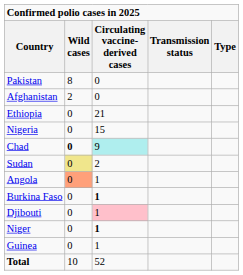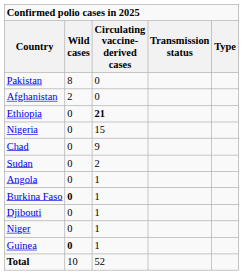 <table class="wikitable sortable mw-collapsible" font-size:85%; margin-left:15px">
 <tr>
 <td colspan="5"><div><strong>Confirmed polio cases in 2025</strong><br> </div></td>
 </tr>
 <tr>
 <th>Country</th>
 <th>Wild<br>cases</th>
 <th>Circulating<br>vaccine-<br>derived<br>cases</th>
 <th>Transmission<br>status</th>
 <th>Type</th>
 </tr>
 <tr>
 <td><a href='#'>Pakistan</a></td>
 <td>8</td>
 <td>0</td>
 <td></td>
 <td></td>
 </tr>
 <tr>
 <td><a href='#'>Afghanistan</a></td>
 <td>2</td>
 <td>0</td>
 <td></td>
 <td></td>
 </tr>
 <tr>
 <td><a href='#'>Ethiopia</a></td>
 <td>0</td>
-<td>21</td>
+<td><strong>21</strong></td>
 <td></td>
 <td></td>
 </tr>
 <tr>
 <td><a href='#'>Nigeria</a></td>
 <td>0</td>
 <td>15</td>
 <td></td>
 <td></td>
 </tr>
 <tr>
 <td><a href='#'>Chad</a></td>
-<td><strong>0</strong></td>
-<td style="background: paleturquoise;">9</td>
+<td>0</td>
+<td>9</td>
 <td></td>
 <td></td>
 </tr>
 <tr>
 <td><a href='#'>Sudan</a></td>
-<td style="background: khaki;">0</td>
+<td>0</td>
 <td>2</td>
 <td></td>
 <td></td>
 </tr>
 <tr>
 <td><a href='#'>Angola</a></td>
-<td style="background: lightsalmon;">0</td>
+<td>0</td>
 <td>1</td>
 <td></td>
 <td></td>
 </tr>
 <tr>
 <td><a href='#'>Burkina Faso</a></td>
-<td>0</td>
-<td><strong>1</strong></td>
+<td><strong>0</strong></td>
+<td>1</td>
 <td></td>
 <td></td>
 </tr>
 <tr>
 <td><a href='#'>Djibouti</a></td>
 <td>0</td>
-<td style="background: pink;">1</td>
+<td>1</td>
 <td></td>
 <td></td>
 </tr>
 <tr>
 <td><a href='#'>Niger</a></td>
 <td>0</td>
-<td><strong>1</strong></td>
+<td>1</td>
 <td></td>
 <td></td>
 </tr>
 <tr>
 <td><a href='#'>Guinea</a></td>
-<td>0</td>
+<td><strong>0</strong></td>
 <td>1</td>
 <td></td>
 <td></td>
 </tr>
 <tr>
 <td><strong>Total</strong></td>
 <td>10</td>
 <td>52</td>
 <td></td>
 <td></td>
 </tr>
 </table>
